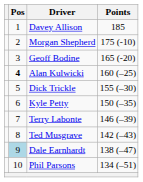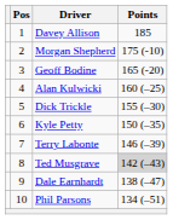 <table class="wikitable" style="font-size: 95%;">
 <tr>
 <th></th>
 <th>Pos</th>
 <th>Driver</th>
 <th>Points</th>
 </tr>
 <tr>
 <td align="left"></td>
 <td style="text-align:center;">1</td>
 <td><a href='#'>Davey Allison</a></td>
 <td style="text-align:center;">185</td>
 </tr>
 <tr>
 <td align="left"></td>
 <td style="text-align:center;">2</td>
 <td><a href='#'>Morgan Shepherd</a></td>
 <td style="text-align:center;">175 (-10)</td>
 </tr>
 <tr>
 <td align="left"></td>
 <td style="text-align:center;">3</td>
 <td><a href='#'>Geoff Bodine</a></td>
 <td style="text-align:center;">165 (-20)</td>
 </tr>
 <tr>
 <td align="left"></td>
-<td style="text-align:center;"><strong>4</strong></td>
+<td style="text-align:center;">4</td>
 <td><a href='#'>Alan Kulwicki</a></td>
 <td style="text-align:center;">160 (–25)</td>
 </tr>
 <tr>
 <td align="left"></td>
 <td style="text-align:center;">5</td>
 <td><a href='#'>Dick Trickle</a></td>
 <td style="text-align:center;">155 (–30)</td>
 </tr>
 <tr>
 <td align="left"></td>
 <td style="text-align:center;">6</td>
 <td><a href='#'>Kyle Petty</a></td>
 <td style="text-align:center;">150 (–35)</td>
 </tr>
 <tr>
 <td align="left"></td>
 <td style="text-align:center;">7</td>
 <td><a href='#'>Terry Labonte</a></td>
 <td style="text-align:center;">146 (–39)</td>
 </tr>
 <tr>
 <td align="left"></td>
 <td style="text-align:center;">8</td>
 <td><a href='#'>Ted Musgrave</a></td>
-<td style="text-align:center;">142 (–43)</td>
+<td style="background: lightgrey; text-align:center;">142 (–43)</td>
 </tr>
 <tr>
 <td align="left"></td>
-<td style="background: lightblue; text-align:center;">9</td>
+<td style="text-align:center;">9</td>
 <td><a href='#'>Dale Earnhardt</a></td>
 <td style="text-align:center;">138 (–47)</td>
 </tr>
 <tr>
 <td align="left"></td>
 <td style="text-align:center;">10</td>
 <td><a href='#'>Phil Parsons</a></td>
 <td style="text-align:center;">134 (–51)</td>
 </tr>
 <tr class="sortbottom">
 <th colspan="9"></th>
 </tr>
 </table>
